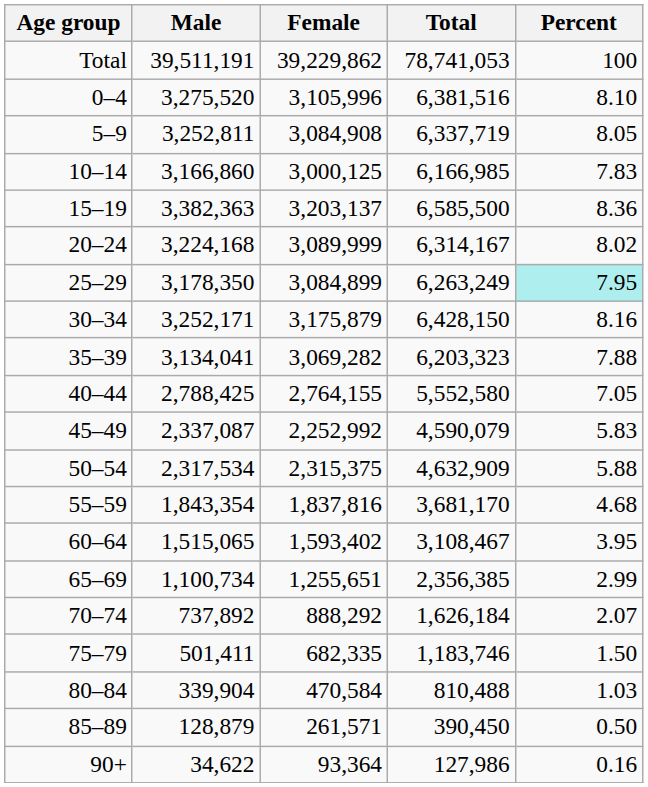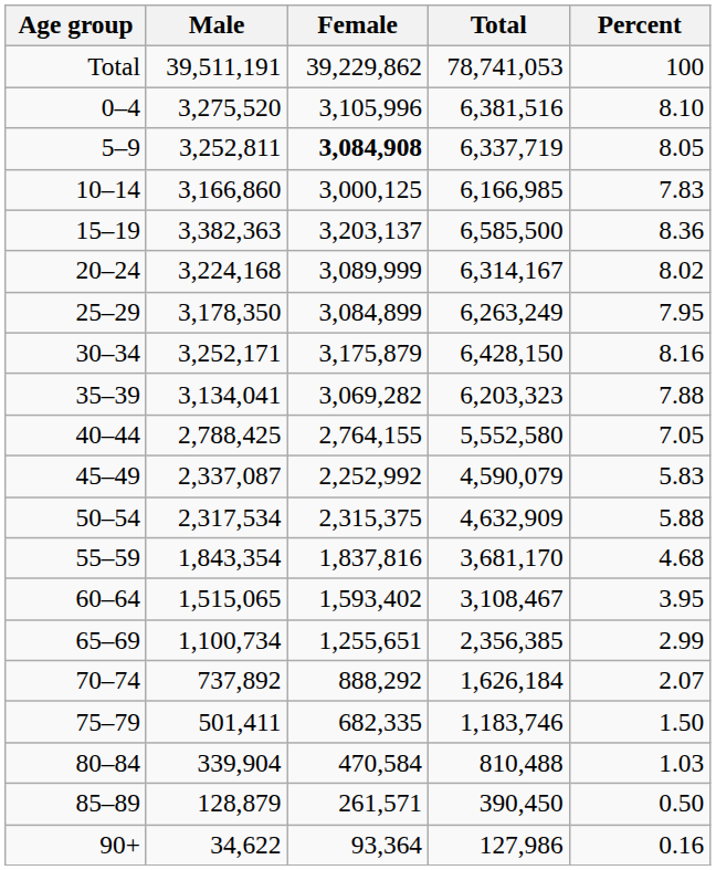 <table class="wikitable">
 <tr>
 <th width="80pt">Age group</th>
 <th width="80pt">Male</th>
 <th width="80pt">Female</th>
 <th width="80pt">Total</th>
 <th width="80pt">Percent</th>
 </tr>
 <tr>
 <td align="right">Total</td>
 <td align="right">39,511,191</td>
 <td align="right">39,229,862</td>
 <td align="right">78,741,053</td>
 <td align="right">100</td>
 </tr>
 <tr>
 <td align="right">0–4</td>
 <td align="right">3,275,520</td>
 <td align="right">3,105,996</td>
 <td align="right">6,381,516</td>
 <td align="right">8.10</td>
 </tr>
 <tr>
 <td align="right">5–9</td>
 <td align="right">3,252,811</td>
-<td align="right">3,084,908</td>
+<td align="right"><strong>3,084,908</strong></td>
 <td align="right">6,337,719</td>
 <td align="right">8.05</td>
 </tr>
 <tr>
 <td align="right">10–14</td>
 <td align="right">3,166,860</td>
 <td align="right">3,000,125</td>
 <td align="right">6,166,985</td>
 <td align="right">7.83</td>
 </tr>
 <tr>
 <td align="right">15–19</td>
 <td align="right">3,382,363</td>
 <td align="right">3,203,137</td>
 <td align="right">6,585,500</td>
 <td align="right">8.36</td>
 </tr>
 <tr>
 <td align="right">20–24</td>
 <td align="right">3,224,168</td>
 <td align="right">3,089,999</td>
 <td align="right">6,314,167</td>
 <td align="right">8.02</td>
 </tr>
 <tr>
 <td align="right">25–29</td>
 <td align="right">3,178,350</td>
 <td align="right">3,084,899</td>
 <td align="right">6,263,249</td>
-<td align="right" style="background: paleturquoise;">7.95</td>
+<td align="right">7.95</td>
 </tr>
 <tr>
 <td align="right">30–34</td>
 <td align="right">3,252,171</td>
 <td align="right">3,175,879</td>
 <td align="right">6,428,150</td>
 <td align="right">8.16</td>
 </tr>
 <tr>
 <td align="right">35–39</td>
 <td align="right">3,134,041</td>
 <td align="right">3,069,282</td>
 <td align="right">6,203,323</td>
 <td align="right">7.88</td>
 </tr>
 <tr>
 <td align="right">40–44</td>
 <td align="right">2,788,425</td>
 <td align="right">2,764,155</td>
 <td align="right">5,552,580</td>
 <td align="right">7.05</td>
 </tr>
 <tr>
 <td align="right">45–49</td>
 <td align="right">2,337,087</td>
 <td align="right">2,252,992</td>
 <td align="right">4,590,079</td>
 <td align="right">5.83</td>
 </tr>
 <tr>
 <td align="right">50–54</td>
 <td align="right">2,317,534</td>
 <td align="right">2,315,375</td>
 <td align="right">4,632,909</td>
 <td align="right">5.88</td>
 </tr>
 <tr>
 <td align="right">55–59</td>
 <td align="right">1,843,354</td>
 <td align="right">1,837,816</td>
 <td align="right">3,681,170</td>
 <td align="right">4.68</td>
 </tr>
 <tr>
 <td align="right">60–64</td>
 <td align="right">1,515,065</td>
 <td align="right">1,593,402</td>
 <td align="right">3,108,467</td>
 <td align="right">3.95</td>
 </tr>
 <tr>
 <td align="right">65–69</td>
 <td align="right">1,100,734</td>
 <td align="right">1,255,651</td>
 <td align="right">2,356,385</td>
 <td align="right">2.99</td>
 </tr>
 <tr>
 <td align="right">70–74</td>
 <td align="right">737,892</td>
 <td align="right">888,292</td>
 <td align="right">1,626,184</td>
 <td align="right">2.07</td>
 </tr>
 <tr>
 <td align="right">75–79</td>
 <td align="right">501,411</td>
 <td align="right">682,335</td>
 <td align="right">1,183,746</td>
 <td align="right">1.50</td>
 </tr>
 <tr>
 <td align="right">80–84</td>
 <td align="right">339,904</td>
 <td align="right">470,584</td>
 <td align="right">810,488</td>
 <td align="right">1.03</td>
 </tr>
 <tr>
 <td align="right">85–89</td>
 <td align="right">128,879</td>
 <td align="right">261,571</td>
 <td align="right">390,450</td>
 <td align="right">0.50</td>
 </tr>
 <tr>
 <td align="right">90+</td>
 <td align="right">34,622</td>
 <td align="right">93,364</td>
 <td align="right">127,986</td>
 <td align="right">0.16</td>
 </tr>
 <tr>
 </tr>
 </table>
